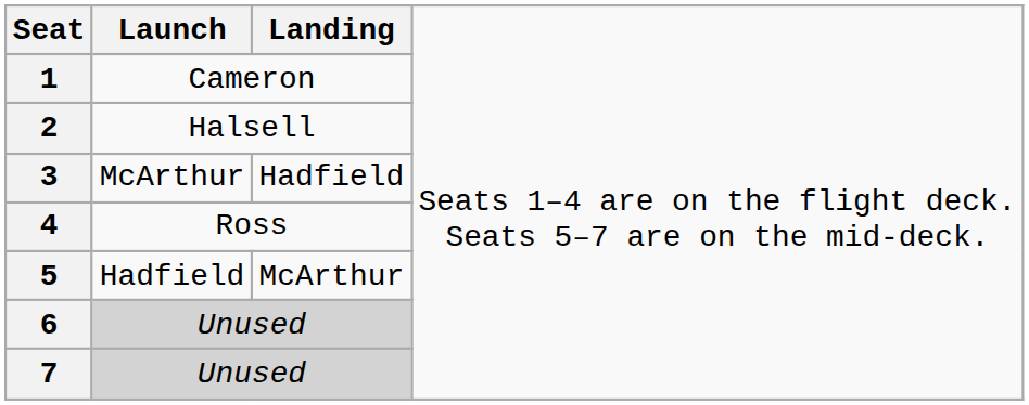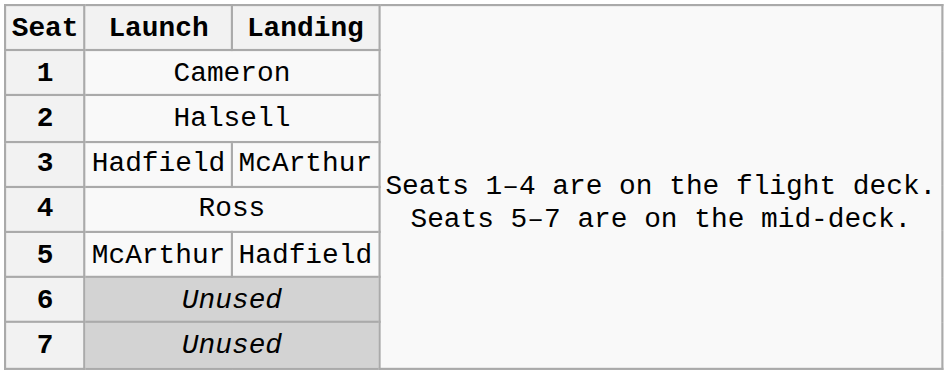 <table class="wikitable" style="text-align:center">
 <tr>
 <th>Seat</th>
 <th>Launch</th>
 <th>Landing</th>
 <td rowspan=8><br>Seats 1–4 are on the flight deck.<br>Seats 5–7 are on the mid-deck.</td>
 </tr>
 <tr>
 <th>1</th>
 <td colspan=2>Cameron</td>
 </tr>
 <tr>
 <th>2</th>
 <td colspan=2>Halsell</td>
 </tr>
 <tr>
 <th>3</th>
+<td>Hadfield</td>
 <td>McArthur</td>
-<td>Hadfield</td>
 </tr>
 <tr>
 <th>4</th>
 <td colspan=2>Ross</td>
 </tr>
 <tr>
 <th>5</th>
+<td>McArthur</td>
 <td>Hadfield</td>
-<td>McArthur</td>
 </tr>
 <tr>
 <th>6</th>
 <td colspan=2 style="background-color:lightgray"><em>Unused</em></td>
 </tr>
 <tr>
 <th>7</th>
 <td colspan=2 style="background-color:lightgray"><em>Unused</em></td>
 </tr>
 </table>
